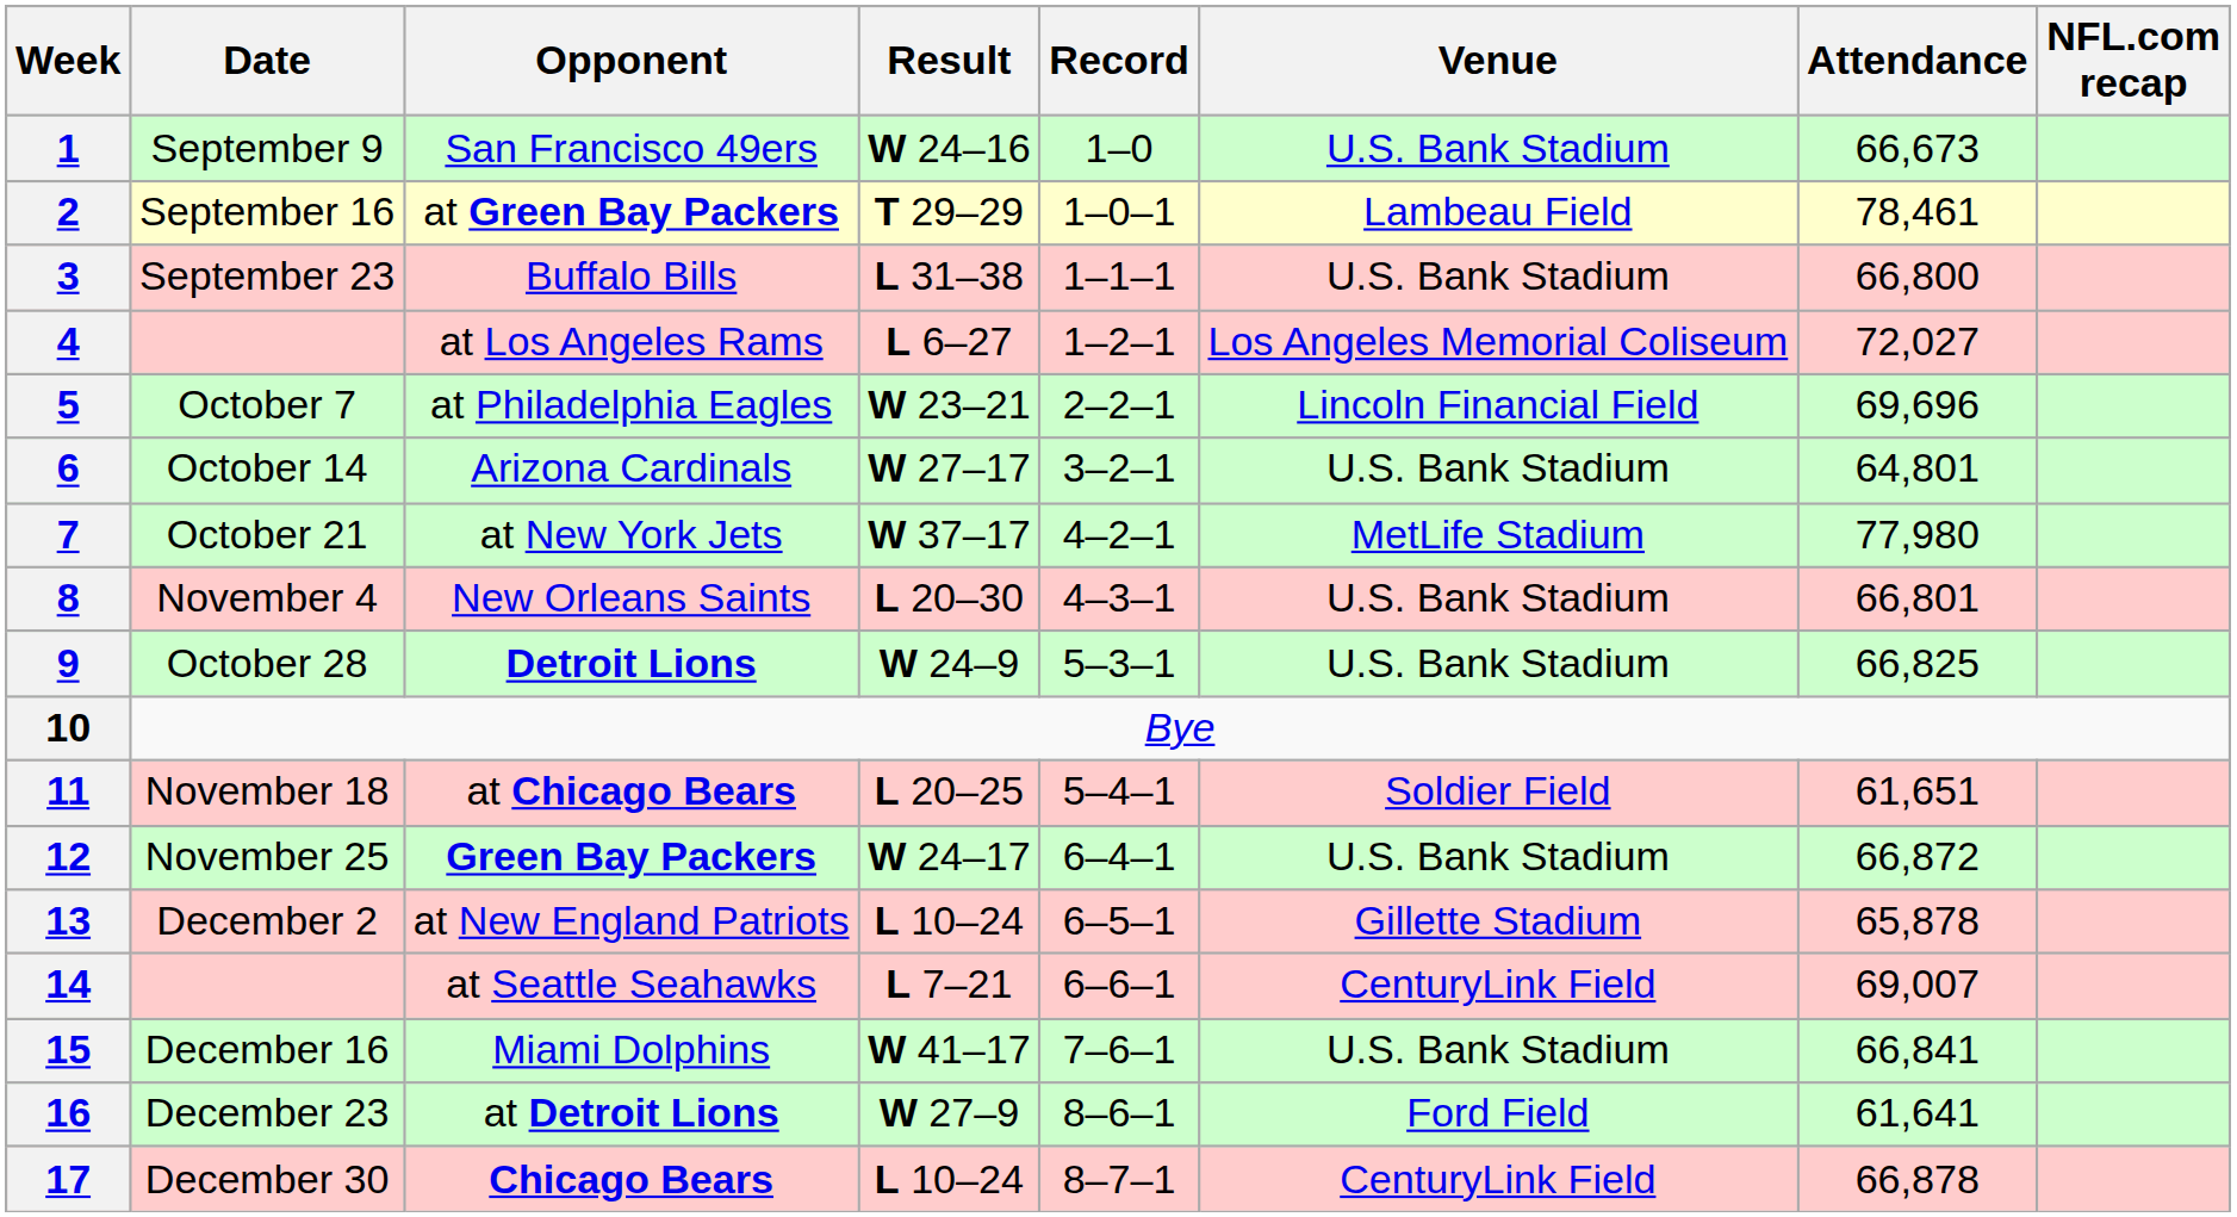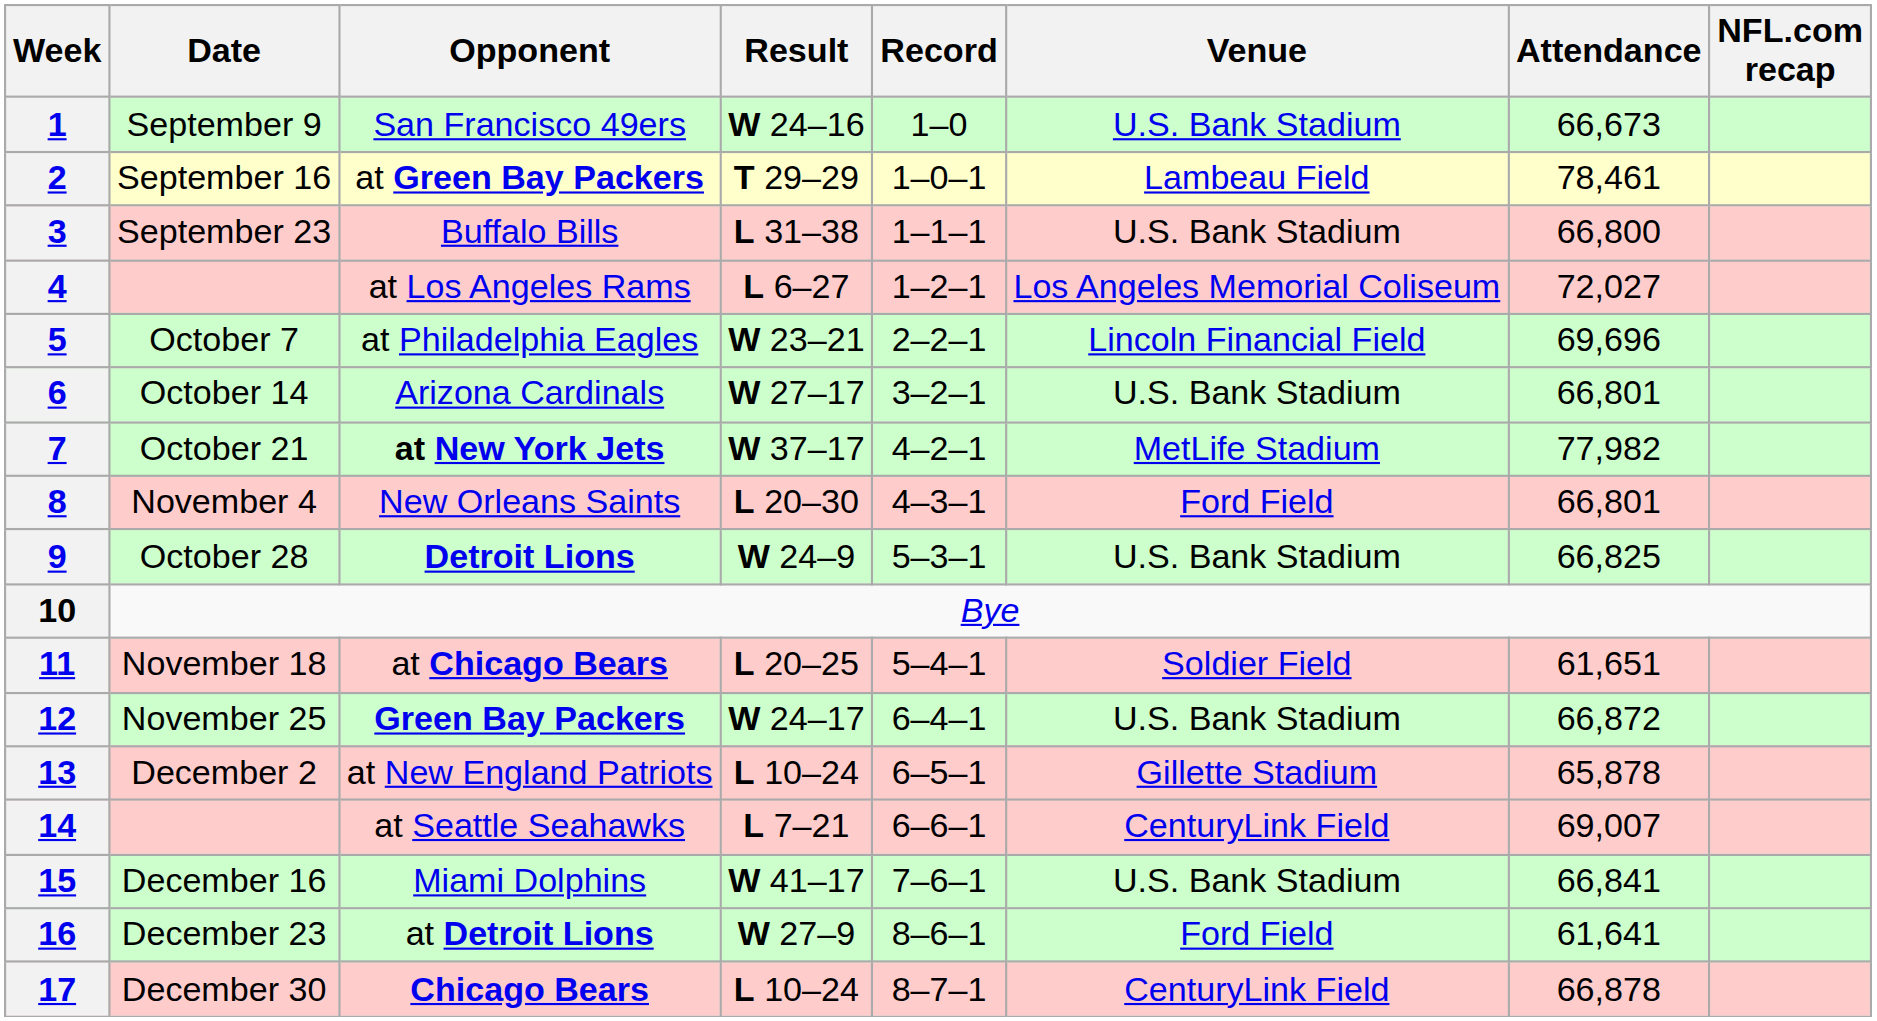 <table class="wikitable" style="text-align:center">
 <tr>
 <th>Week</th>
 <th>Date</th>
 <th>Opponent</th>
 <th>Result</th>
 <th>Record</th>
 <th>Venue</th>
 <th>Attendance</th>
 <th>NFL.com<br>recap</th>
 </tr>
 <tr style="background:#cfc">
 <th><a href='#'>1</a></th>
 <td>September 9</td>
 <td><a href='#'>San Francisco 49ers</a></td>
 <td><strong>W</strong> 24–16</td>
 <td>1–0</td>
 <td><a href='#'>U.S. Bank Stadium</a></td>
 <td>66,673</td>
 <td></td>
 </tr>
 <tr style="background:#ffc">
 <th><a href='#'>2</a></th>
 <td>September 16</td>
 <td>at <strong><a href='#'>Green Bay Packers</a></strong></td>
 <td><strong>T</strong> 29–29 </td>
 <td>1–0–1</td>
 <td><a href='#'>Lambeau Field</a></td>
 <td>78,461</td>
 <td></td>
 </tr>
 <tr style="background:#fcc">
 <th><a href='#'>3</a></th>
 <td>September 23</td>
 <td><a href='#'>Buffalo Bills</a></td>
 <td><strong>L</strong> 31–38</td>
 <td>1–1–1</td>
 <td>U.S. Bank Stadium</td>
 <td>66,800</td>
 <td></td>
 </tr>
 <tr style="background:#fcc">
 <th><a href='#'>4</a></th>
 <td></td>
 <td>at <a href='#'>Los Angeles Rams</a></td>
 <td><strong>L</strong> 6–27</td>
 <td>1–2–1</td>
 <td><a href='#'>Los Angeles Memorial Coliseum</a></td>
 <td>72,027</td>
 <td></td>
 </tr>
 <tr style="background:#cfc">
 <th><a href='#'>5</a></th>
 <td>October 7</td>
 <td>at <a href='#'>Philadelphia Eagles</a></td>
 <td><strong>W</strong> 23–21</td>
 <td>2–2–1</td>
 <td><a href='#'>Lincoln Financial Field</a></td>
 <td>69,696</td>
 <td></td>
 </tr>
 <tr style="background:#cfc">
 <th><a href='#'>6</a></th>
 <td>October 14</td>
 <td><a href='#'>Arizona Cardinals</a></td>
 <td><strong>W</strong> 27–17</td>
 <td>3–2–1</td>
 <td>U.S. Bank Stadium</td>
-<td>64,801</td>
+<td>66,801</td>
 <td></td>
 </tr>
 <tr style="background:#cfc">
 <th><a href='#'>7</a></th>
 <td>October 21</td>
-<td>at <a href='#'>New York Jets</a></td>
+<td><strong>at <a href='#'>New York Jets</a></strong></td>
 <td><strong>W</strong> 37–17</td>
 <td>4–2–1</td>
 <td><a href='#'>MetLife Stadium</a></td>
-<td>77,980</td>
+<td>77,982</td>
 <td></td>
 </tr>
 <tr style="background:#fcc">
 <th><a href='#'>8</a></th>
 <td>November 4</td>
 <td><a href='#'>New Orleans Saints</a></td>
 <td><strong>L</strong> 20–30</td>
 <td>4–3–1</td>
-<td>U.S. Bank Stadium</td>
+<td><a href='#'>Ford Field</a></td>
 <td>66,801</td>
 <td></td>
 </tr>
 <tr style="background:#cfc">
 <th><a href='#'>9</a></th>
 <td>October 28</td>
 <td><strong><a href='#'>Detroit Lions</a></strong></td>
 <td><strong>W</strong> 24–9</td>
 <td>5–3–1</td>
 <td>U.S. Bank Stadium</td>
 <td>66,825</td>
 <td></td>
 </tr>
 <tr>
 <th>10</th>
 <td colspan="7"><em><a href='#'>Bye</a></em></td>
 </tr>
 <tr style="background:#fcc">
 <th><a href='#'>11</a></th>
 <td>November 18</td>
 <td>at <strong><a href='#'>Chicago Bears</a></strong></td>
 <td><strong>L</strong> 20–25</td>
 <td>5–4–1</td>
 <td><a href='#'>Soldier Field</a></td>
 <td>61,651</td>
 <td></td>
 </tr>
 <tr style="background:#cfc">
 <th><a href='#'>12</a></th>
 <td>November 25</td>
 <td><strong><a href='#'>Green Bay Packers</a></strong></td>
 <td><strong>W</strong> 24–17</td>
 <td>6–4–1</td>
 <td>U.S. Bank Stadium</td>
 <td>66,872</td>
 <td></td>
 </tr>
 <tr style="background:#fcc">
 <th><a href='#'>13</a></th>
 <td>December 2</td>
 <td>at <a href='#'>New England Patriots</a></td>
 <td><strong>L</strong> 10–24</td>
 <td>6–5–1</td>
 <td><a href='#'>Gillette Stadium</a></td>
 <td>65,878</td>
 <td></td>
 </tr>
 <tr style="background:#fcc">
 <th><a href='#'>14</a></th>
 <td></td>
 <td>at <a href='#'>Seattle Seahawks</a></td>
 <td><strong>L</strong> 7–21</td>
 <td>6–6–1</td>
 <td><a href='#'>CenturyLink Field</a></td>
 <td>69,007</td>
 <td></td>
 </tr>
 <tr style="background:#cfc">
 <th><a href='#'>15</a></th>
 <td>December 16</td>
 <td><a href='#'>Miami Dolphins</a></td>
 <td><strong>W</strong> 41–17</td>
 <td>7–6–1</td>
 <td>U.S. Bank Stadium</td>
 <td>66,841</td>
 <td></td>
 </tr>
 <tr style="background:#cfc">
 <th><a href='#'>16</a></th>
 <td>December 23</td>
 <td>at <strong><a href='#'>Detroit Lions</a></strong></td>
 <td><strong>W</strong> 27–9</td>
 <td>8–6–1</td>
 <td><a href='#'>Ford Field</a></td>
 <td>61,641</td>
 <td></td>
 </tr>
 <tr style="background:#fcc">
 <th><a href='#'>17</a></th>
 <td>December 30</td>
 <td><strong><a href='#'>Chicago Bears</a></strong></td>
 <td><strong>L</strong> 10–24</td>
 <td>8–7–1</td>
 <td><a href='#'>CenturyLink Field</a></td>
 <td>66,878</td>
 <td></td>
 </tr>
 </table>
